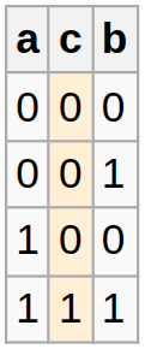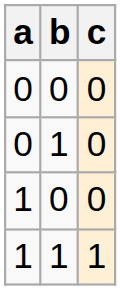 <table class="wikitable">
 <tr>
 <th>a</th>
+<th>b</th>
 <th>c</th>
-<th>b</th>
 </tr>
 <tr>
 <td>0</td>
+<td>0</td>
 <td style="background:papayawhip">0</td>
-<td>0</td>
 </tr>
 <tr>
 <td>0</td>
+<td>1</td>
 <td style="background:papayawhip">0</td>
-<td>1</td>
 </tr>
 <tr>
 <td>1</td>
+<td>0</td>
 <td style="background:papayawhip">0</td>
-<td>0</td>
 </tr>
 <tr>
 <td>1</td>
+<td>1</td>
 <td style="background:papayawhip">1</td>
-<td>1</td>
 </tr>
 </table>
